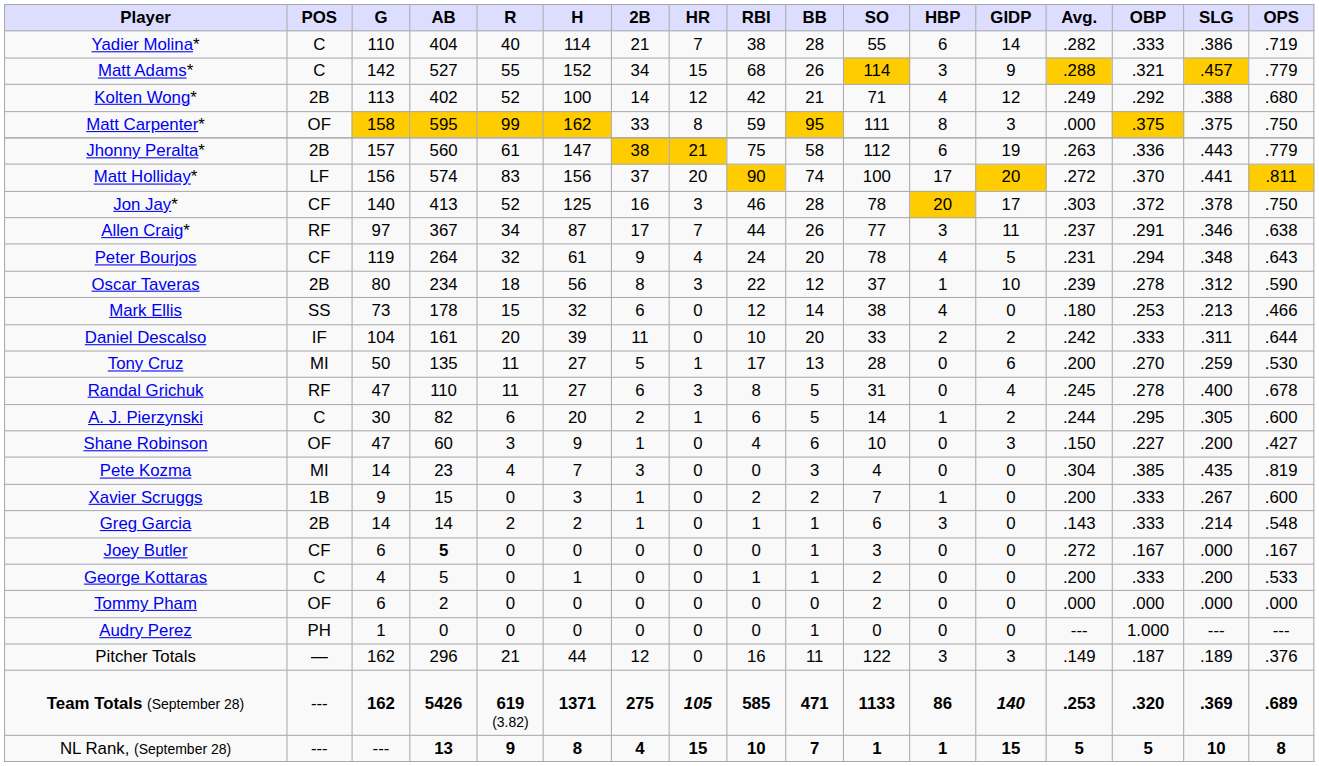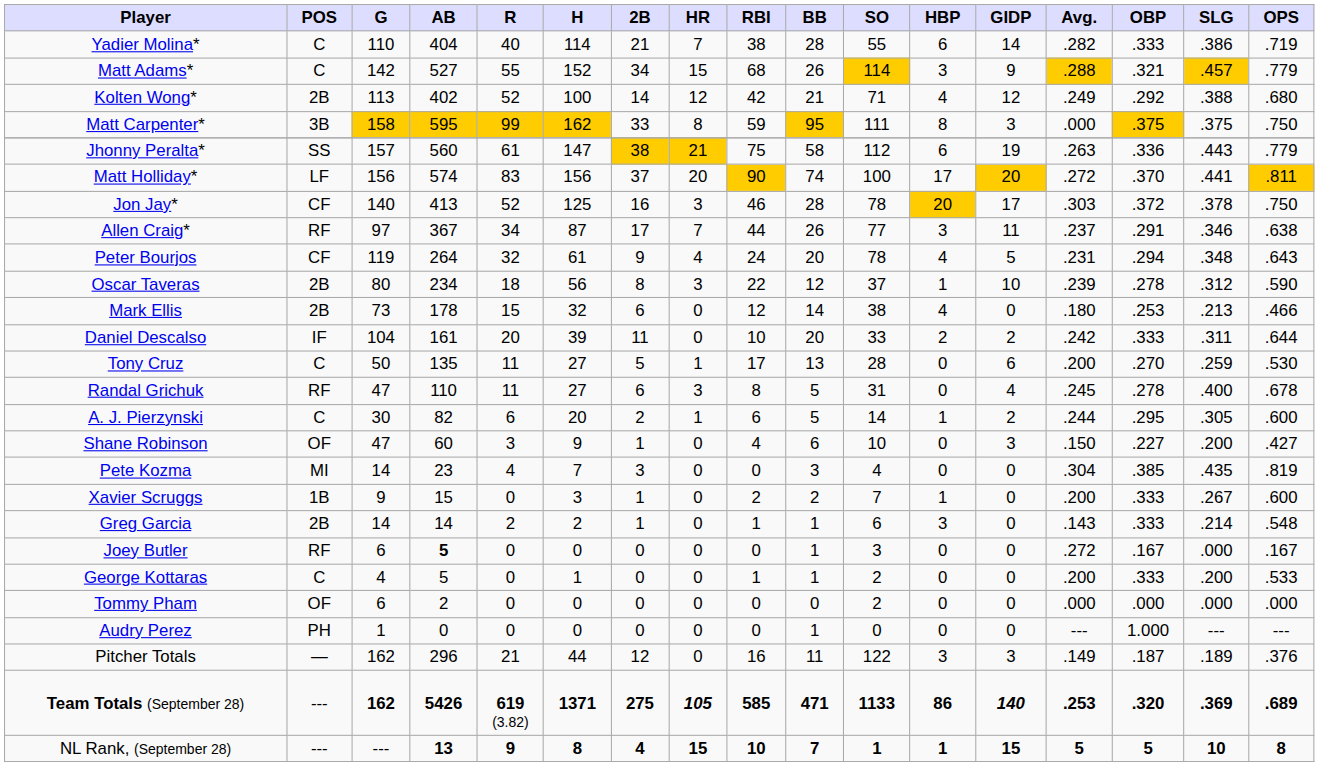 <table class="wikitable sortable">
 <tr>
 <th style="background:#ddf; width:8%;">Player</th>
 <th style="background:#ddf; width:1%;">POS</th>
 <th style="background:#ddf; width:1%;">G</th>
 <th style="background:#ddf; width:1%;">AB</th>
 <th style="background:#ddf; width:1%;">R</th>
 <th style="background:#ddf; width:1%;">H</th>
 <th style="background:#ddf; width:1%;">2B</th>
 <th style="background:#ddf; width:1%;">HR</th>
 <th style="background:#ddf; width:1%;">RBI</th>
 <th style="background:#ddf; width:1%;">BB</th>
 <th style="background:#ddf; width:1%;">SO</th>
 <th style="background:#ddf; width:1%;">HBP</th>
 <th style="background:#ddf; width:1%;">GIDP</th>
 <th style="background:#ddf; width:1%;">Avg.</th>
 <th style="background:#ddf; width:1%;">OBP</th>
 <th style="background:#ddf; width:1%;">SLG</th>
 <th style="background:#ddf; width:1%;">OPS<br></th>
 </tr>
 <tr style="text-align:center;">
 <td><a href='#'>Yadier Molina</a>*</td>
 <td>C</td>
 <td>110</td>
 <td>404</td>
 <td>40</td>
 <td>114</td>
 <td>21</td>
 <td>7</td>
 <td>38</td>
 <td>28</td>
 <td>55</td>
 <td>6</td>
 <td>14</td>
 <td>.282</td>
 <td>.333</td>
 <td>.386</td>
 <td>.719<br> </td>
 </tr>
 <tr style="text-align:center;">
 <td><a href='#'>Matt Adams</a>*</td>
 <td>C</td>
 <td>142</td>
 <td>527</td>
 <td>55</td>
 <td>152</td>
 <td>34</td>
 <td>15</td>
 <td>68</td>
 <td>26</td>
 <td bgcolor="#ffcc00">114</td>
 <td>3</td>
 <td>9</td>
 <td bgcolor="#ffcc00">.288</td>
 <td>.321</td>
 <td bgcolor="#ffcc00">.457</td>
 <td>.779</td>
 </tr>
 <tr align=center>
 <td><a href='#'>Kolten Wong</a>*</td>
 <td>2B</td>
 <td>113</td>
 <td>402</td>
 <td>52</td>
 <td>100</td>
 <td>14</td>
 <td>12</td>
 <td>42</td>
 <td>21</td>
 <td>71</td>
 <td>4</td>
 <td>12</td>
 <td>.249</td>
 <td>.292</td>
 <td>.388</td>
 <td>.680</td>
 </tr>
 <tr align=center>
 <td><a href='#'>Matt Carpenter</a>*</td>
-<td>OF</td>
+<td>3B</td>
 <td bgcolor="#ffcc00">158</td>
 <td bgcolor="#ffcc00">595</td>
 <td bgcolor="#ffcc00">99</td>
 <td bgcolor="#ffcc00">162</td>
 <td>33</td>
 <td>8</td>
 <td>59</td>
 <td bgcolor="#ffcc00">95</td>
 <td>111</td>
 <td>8</td>
 <td>3</td>
 <td>.000</td>
 <td bgcolor="#ffcc00">.375</td>
 <td>.375</td>
 <td>.750</td>
 </tr>
 <tr style="text-align:center;">
 </tr>
 <tr style="text-align:center;">
 <td><a href='#'>Jhonny Peralta</a>*</td>
-<td>2B</td>
+<td>SS</td>
 <td>157</td>
 <td>560</td>
 <td>61</td>
 <td>147</td>
 <td bgcolor="#ffcc00">38</td>
 <td bgcolor="#ffcc00">21</td>
 <td>75</td>
 <td>58</td>
 <td>112</td>
 <td>6</td>
 <td>19</td>
 <td>.263</td>
 <td>.336</td>
 <td>.443</td>
 <td>.779<br> </td>
 </tr>
 <tr style="text-align:center;">
 <td><a href='#'>Matt Holliday</a>*</td>
 <td>LF</td>
 <td>156</td>
 <td>574</td>
 <td>83</td>
 <td>156</td>
 <td>37</td>
 <td>20</td>
 <td bgcolor="#ffcc00">90</td>
 <td>74</td>
 <td>100</td>
 <td>17</td>
 <td bgcolor="#ffcc00">20</td>
 <td>.272</td>
 <td>.370</td>
 <td>.441</td>
 <td bgcolor="#ffcc00">.811</td>
 </tr>
 <tr style="text-align:center;">
 <td><a href='#'>Jon Jay</a>*</td>
 <td>CF</td>
 <td>140</td>
 <td>413</td>
 <td>52</td>
 <td>125</td>
 <td>16</td>
 <td>3</td>
 <td>46</td>
 <td>28</td>
 <td>78</td>
 <td bgcolor="#ffcc00">20</td>
 <td>17</td>
 <td>.303</td>
 <td>.372</td>
 <td>.378</td>
 <td>.750</td>
 </tr>
 <tr align=center>
 <td><a href='#'>Allen Craig</a>*</td>
 <td>RF</td>
 <td>97</td>
 <td>367</td>
 <td>34</td>
 <td>87</td>
 <td>17</td>
 <td>7</td>
 <td>44</td>
 <td>26</td>
 <td>77</td>
 <td>3</td>
 <td>11</td>
 <td>.237</td>
 <td>.291</td>
 <td>.346</td>
 <td>.638</td>
 </tr>
 <tr style="text-align:center;">
 <td><a href='#'>Peter Bourjos</a></td>
 <td>CF</td>
 <td>119</td>
 <td>264</td>
 <td>32</td>
 <td>61</td>
 <td>9</td>
 <td>4</td>
 <td>24</td>
 <td>20</td>
 <td>78</td>
 <td>4</td>
 <td>5</td>
 <td>.231</td>
 <td>.294</td>
 <td>.348</td>
 <td>.643</td>
 </tr>
 <tr align=center>
 <td><a href='#'>Oscar Taveras</a></td>
 <td>2B</td>
 <td>80</td>
 <td>234</td>
 <td>18</td>
 <td>56</td>
 <td>8</td>
 <td>3</td>
 <td>22</td>
 <td>12</td>
 <td>37</td>
 <td>1</td>
 <td>10</td>
 <td>.239</td>
 <td>.278</td>
 <td>.312</td>
 <td>.590</td>
 </tr>
 <tr align=center>
 <td><a href='#'>Mark Ellis</a></td>
-<td>SS</td>
+<td>2B</td>
 <td>73</td>
 <td>178</td>
 <td>15</td>
 <td>32</td>
 <td>6</td>
 <td>0</td>
 <td>12</td>
 <td>14</td>
 <td>38</td>
 <td>4</td>
 <td>0</td>
 <td>.180</td>
 <td>.253</td>
 <td>.213</td>
 <td>.466</td>
 </tr>
 <tr align=center>
 <td><a href='#'>Daniel Descalso</a></td>
 <td>IF</td>
 <td>104</td>
 <td>161</td>
 <td>20</td>
 <td>39</td>
 <td>11</td>
 <td>0</td>
 <td>10</td>
 <td>20</td>
 <td>33</td>
 <td>2</td>
 <td>2</td>
 <td>.242</td>
 <td>.333</td>
 <td>.311</td>
 <td>.644</td>
 </tr>
 <tr align=center>
 <td><a href='#'>Tony Cruz</a></td>
-<td>MI</td>
+<td>C</td>
 <td>50</td>
 <td>135</td>
 <td>11</td>
 <td>27</td>
 <td>5</td>
 <td>1</td>
 <td>17</td>
 <td>13</td>
 <td>28</td>
 <td>0</td>
 <td>6</td>
 <td>.200</td>
 <td>.270</td>
 <td>.259</td>
 <td>.530</td>
 </tr>
 <tr align=center>
 <td><a href='#'>Randal Grichuk</a></td>
 <td>RF</td>
 <td>47</td>
 <td>110</td>
 <td>11</td>
 <td>27</td>
 <td>6</td>
 <td>3</td>
 <td>8</td>
 <td>5</td>
 <td>31</td>
 <td>0</td>
 <td>4</td>
 <td>.245</td>
 <td>.278</td>
 <td>.400</td>
 <td>.678</td>
 </tr>
 <tr align=center>
 <td><a href='#'>A. J. Pierzynski</a></td>
 <td>C</td>
 <td>30</td>
 <td>82</td>
 <td>6</td>
 <td>20</td>
 <td>2</td>
 <td>1</td>
 <td>6</td>
 <td>5</td>
 <td>14</td>
 <td>1</td>
 <td>2</td>
 <td>.244</td>
 <td>.295</td>
 <td>.305</td>
 <td>.600</td>
 </tr>
 <tr align=center>
 <td><a href='#'>Shane Robinson</a></td>
 <td>OF</td>
 <td>47</td>
 <td>60</td>
 <td>3</td>
 <td>9</td>
 <td>1</td>
 <td>0</td>
 <td>4</td>
 <td>6</td>
 <td>10</td>
 <td>0</td>
 <td>3</td>
 <td>.150</td>
 <td>.227</td>
 <td>.200</td>
 <td>.427</td>
 </tr>
 <tr align=center>
 <td><a href='#'>Pete Kozma</a></td>
 <td>MI</td>
 <td>14</td>
 <td>23</td>
 <td>4</td>
 <td>7</td>
 <td>3</td>
 <td>0</td>
 <td>0</td>
 <td>3</td>
 <td>4</td>
 <td>0</td>
 <td>0</td>
 <td>.304</td>
 <td>.385</td>
 <td>.435</td>
 <td>.819</td>
 </tr>
 <tr align=center>
 <td><a href='#'>Xavier Scruggs</a></td>
 <td>1B</td>
 <td>9</td>
 <td>15</td>
 <td>0</td>
 <td>3</td>
 <td>1</td>
 <td>0</td>
 <td>2</td>
 <td>2</td>
 <td>7</td>
 <td>1</td>
 <td>0</td>
 <td>.200</td>
 <td>.333</td>
 <td>.267</td>
 <td>.600</td>
 </tr>
 <tr align=center>
 <td><a href='#'>Greg Garcia</a></td>
 <td>2B</td>
 <td>14</td>
 <td>14</td>
 <td>2</td>
 <td>2</td>
 <td>1</td>
 <td>0</td>
 <td>1</td>
 <td>1</td>
 <td>6</td>
 <td>3</td>
 <td>0</td>
 <td>.143</td>
 <td>.333</td>
 <td>.214</td>
 <td>.548</td>
 </tr>
 <tr align=center>
 <td><a href='#'>Joey Butler</a></td>
-<td>CF</td>
+<td>RF</td>
 <td>6</td>
 <td><strong>5</strong></td>
 <td>0</td>
 <td>0</td>
 <td>0</td>
 <td>0</td>
 <td>0</td>
 <td>1</td>
 <td>3</td>
 <td>0</td>
 <td>0</td>
 <td>.272</td>
 <td>.167</td>
 <td>.000</td>
 <td>.167</td>
 </tr>
 <tr align=center>
 <td><a href='#'>George Kottaras</a></td>
 <td>C</td>
 <td>4</td>
 <td>5</td>
 <td>0</td>
 <td>1</td>
 <td>0</td>
 <td>0</td>
 <td>1</td>
 <td>1</td>
 <td>2</td>
 <td>0</td>
 <td>0</td>
 <td>.200</td>
 <td>.333</td>
 <td>.200</td>
 <td>.533</td>
 </tr>
 <tr align=center>
 <td><a href='#'>Tommy Pham</a></td>
 <td>OF</td>
 <td>6</td>
 <td>2</td>
 <td>0</td>
 <td>0</td>
 <td>0</td>
 <td>0</td>
 <td>0</td>
 <td>0</td>
 <td>2</td>
 <td>0</td>
 <td>0</td>
 <td>.000</td>
 <td>.000</td>
 <td>.000</td>
 <td>.000</td>
 </tr>
 <tr align=center>
 <td><a href='#'>Audry Perez</a></td>
 <td>PH</td>
 <td>1</td>
 <td>0</td>
 <td>0</td>
 <td>0</td>
 <td>0</td>
 <td>0</td>
 <td>0</td>
 <td>1</td>
 <td>0</td>
 <td>0</td>
 <td>0</td>
 <td>---</td>
 <td>1.000</td>
 <td>---</td>
 <td>---</td>
 </tr>
 <tr align=center>
 <td>Pitcher Totals</td>
 <td>—</td>
 <td>162</td>
 <td>296</td>
 <td>21</td>
 <td>44</td>
 <td>12</td>
 <td>0</td>
 <td>16</td>
 <td>11</td>
 <td>122</td>
 <td>3</td>
 <td>3</td>
 <td>.149</td>
 <td>.187</td>
 <td>.189</td>
 <td>.376</td>
 </tr>
 <tr align=center>
 <td><strong>Team Totals</strong> <small>(September 28)</small></td>
 <td>---</td>
 <td><strong>162</strong></td>
 <td><strong>5426</strong></td>
 <td><br><strong>619</strong> <small>(3.82)</small></td>
 <td><strong>1371</strong></td>
 <td><strong>275</strong></td>
 <td><strong><em>105</em></strong></td>
 <td><strong>585</strong></td>
 <td><strong>471</strong></td>
 <td><strong>1133</strong></td>
 <td><strong>86</strong></td>
 <td><strong><em>140</em></strong></td>
 <td><strong>.253</strong></td>
 <td><strong>.320</strong></td>
 <td><strong>.369</strong></td>
 <td><strong>.689</strong>  </td>
 </tr>
 <tr style="text-align:center;"                      >
 <td>NL Rank, <small>(September 28)</small></td>
 <td>---</td>
 <td>---</td>
 <td><strong>13</strong></td>
 <td><strong>9</strong></td>
 <td><strong>8</strong></td>
 <td><strong>4</strong></td>
 <td><strong>15</strong></td>
 <td><strong>10</strong></td>
 <td><strong>7</strong></td>
 <td><strong>1</strong></td>
 <td><strong>1</strong></td>
 <td><strong>15</strong></td>
 <td><strong>5</strong></td>
 <td><strong>5</strong></td>
 <td><strong>10</strong></td>
 <td><strong>8</strong></td>
 </tr>
 <tr style="text-align:center;">
 </tr>
 </table>
